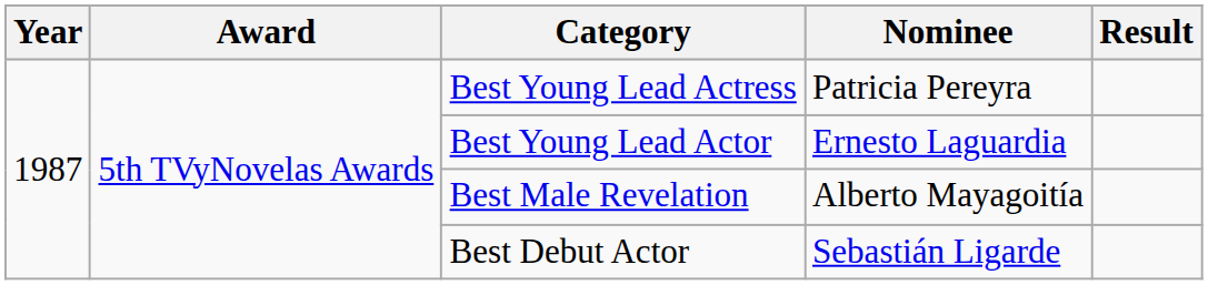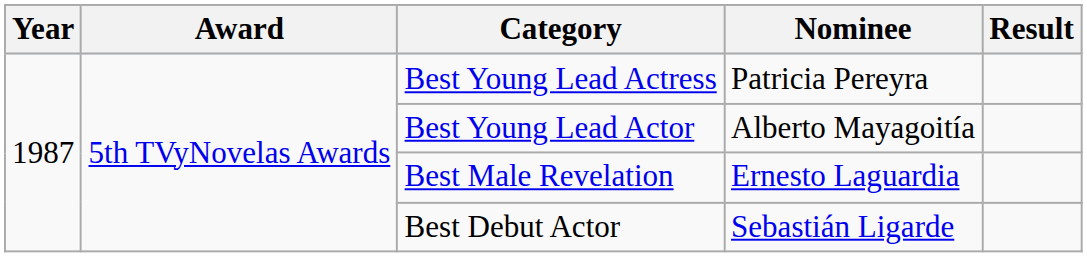 <table class="wikitable">
 <tr style="background:#b0c4de;">
 <th>Year</th>
 <th>Award</th>
 <th>Category</th>
 <th>Nominee</th>
 <th>Result</th>
 </tr>
 <tr>
 <td rowspan=4>1987</td>
 <td rowspan=4><a href='#'>5th TVyNovelas Awards</a></td>
 <td><a href='#'>Best Young Lead Actress</a></td>
 <td>Patricia Pereyra</td>
 <td></td>
 </tr>
 <tr>
 <td><a href='#'>Best Young Lead Actor</a></td>
-<td><a href='#'>Ernesto Laguardia</a></td>
+<td>Alberto Mayagoitía</td>
 <td></td>
 </tr>
 <tr>
 <td><a href='#'>Best Male Revelation</a></td>
-<td>Alberto Mayagoitía</td>
+<td><a href='#'>Ernesto Laguardia</a></td>
 <td></td>
 </tr>
 <tr>
 <td>Best Debut Actor</td>
 <td><a href='#'>Sebastián Ligarde</a></td>
 <td></td>
 </tr>
 </table>
